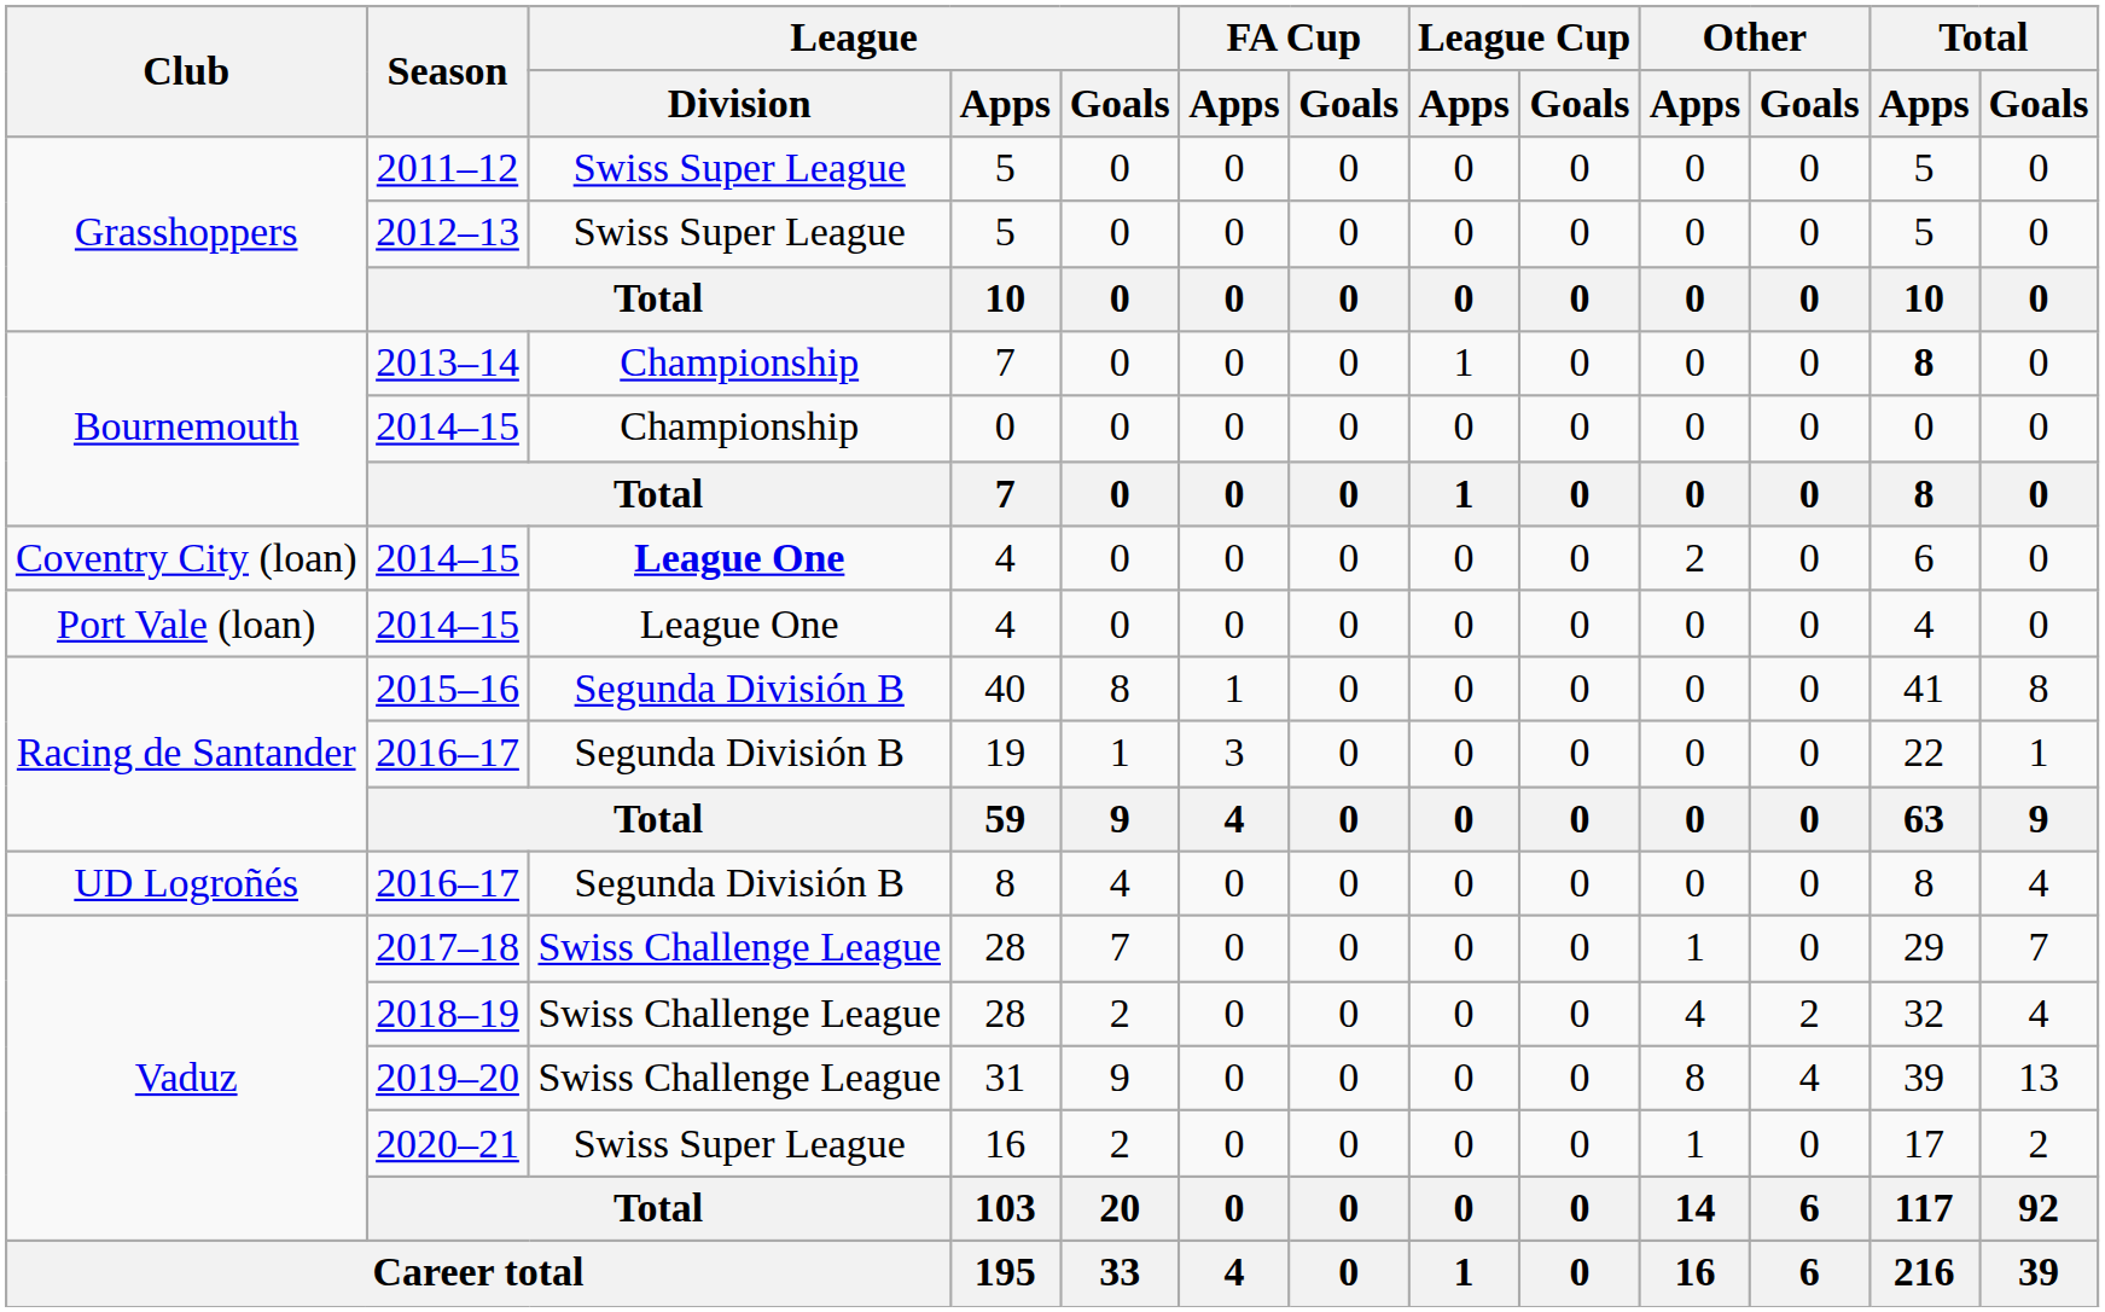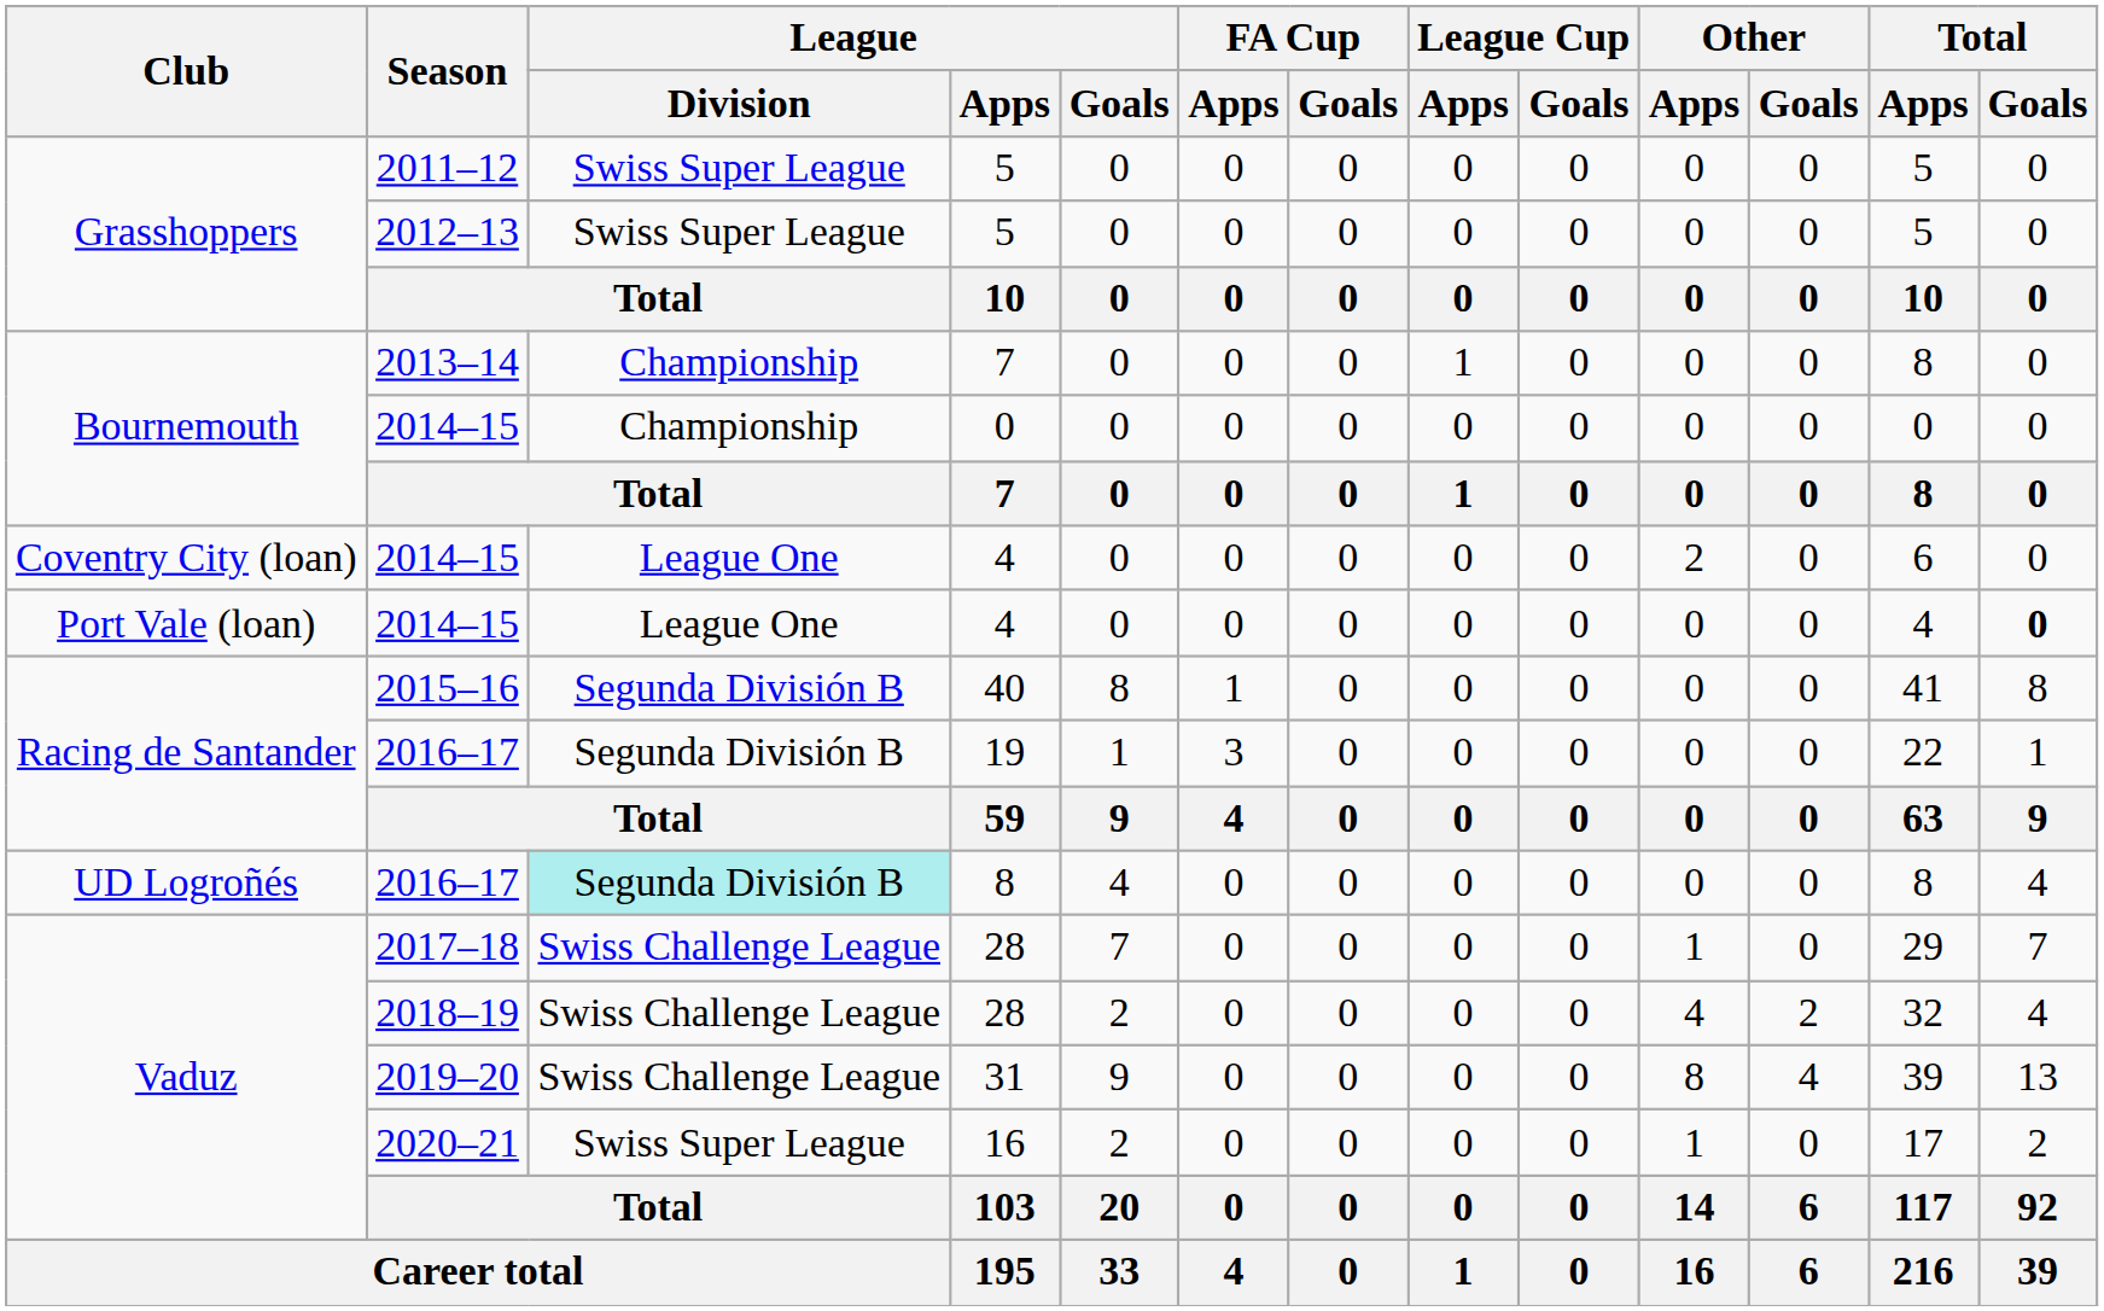 <table class="wikitable" style="text-align:center">
 <tr>
 <th rowspan="2">Club</th>
 <th rowspan="2">Season</th>
 <th colspan="3">League</th>
 <th colspan="2">FA Cup</th>
 <th colspan="2">League Cup</th>
 <th colspan="2">Other</th>
 <th colspan="2">Total</th>
 </tr>
 <tr>
 <th>Division</th>
 <th>Apps</th>
 <th>Goals</th>
 <th>Apps</th>
 <th>Goals</th>
 <th>Apps</th>
 <th>Goals</th>
 <th>Apps</th>
 <th>Goals</th>
 <th>Apps</th>
 <th>Goals</th>
 </tr>
 <tr>
 <td rowspan="3"><a href='#'>Grasshoppers</a></td>
 <td><a href='#'>2011–12</a></td>
 <td><a href='#'>Swiss Super League</a></td>
 <td>5</td>
 <td>0</td>
 <td>0</td>
 <td>0</td>
 <td>0</td>
 <td>0</td>
 <td>0</td>
 <td>0</td>
 <td>5</td>
 <td>0</td>
 </tr>
 <tr>
 <td><a href='#'>2012–13</a></td>
 <td>Swiss Super League</td>
 <td>5</td>
 <td>0</td>
 <td>0</td>
 <td>0</td>
 <td>0</td>
 <td>0</td>
 <td>0</td>
 <td>0</td>
 <td>5</td>
 <td>0</td>
 </tr>
 <tr>
 <th colspan="2">Total</th>
 <th>10</th>
 <th>0</th>
 <th>0</th>
 <th>0</th>
 <th>0</th>
 <th>0</th>
 <th>0</th>
 <th>0</th>
 <th>10</th>
 <th>0</th>
 </tr>
 <tr>
 <td rowspan="3"><a href='#'>Bournemouth</a></td>
 <td><a href='#'>2013–14</a></td>
 <td><a href='#'>Championship</a></td>
 <td>7</td>
 <td>0</td>
 <td>0</td>
 <td>0</td>
 <td>1</td>
 <td>0</td>
 <td>0</td>
 <td>0</td>
-<td><strong>8</strong></td>
+<td>8</td>
 <td>0</td>
 </tr>
 <tr>
 <td><a href='#'>2014–15</a></td>
 <td>Championship</td>
 <td>0</td>
 <td>0</td>
 <td>0</td>
 <td>0</td>
 <td>0</td>
 <td>0</td>
 <td>0</td>
 <td>0</td>
 <td>0</td>
 <td>0</td>
 </tr>
 <tr>
 <th colspan="2">Total</th>
 <th>7</th>
 <th>0</th>
 <th>0</th>
 <th>0</th>
 <th>1</th>
 <th>0</th>
 <th>0</th>
 <th>0</th>
 <th>8</th>
 <th>0</th>
 </tr>
 <tr>
 <td><a href='#'>Coventry City</a> (loan)</td>
 <td><a href='#'>2014–15</a></td>
-<td><strong><a href='#'>League One</a></strong></td>
+<td><a href='#'>League One</a></td>
 <td>4</td>
 <td>0</td>
 <td>0</td>
 <td>0</td>
 <td>0</td>
 <td>0</td>
 <td>2</td>
 <td>0</td>
 <td>6</td>
 <td>0</td>
 </tr>
 <tr>
 <td><a href='#'>Port Vale</a> (loan)</td>
 <td><a href='#'>2014–15</a></td>
 <td>League One</td>
 <td>4</td>
 <td>0</td>
 <td>0</td>
 <td>0</td>
 <td>0</td>
 <td>0</td>
 <td>0</td>
 <td>0</td>
 <td>4</td>
-<td>0</td>
+<td><strong>0</strong></td>
 </tr>
 <tr>
 <td rowspan="3"><a href='#'>Racing de Santander</a></td>
 <td><a href='#'>2015–16</a></td>
 <td><a href='#'>Segunda División B</a></td>
 <td>40</td>
 <td>8</td>
 <td>1</td>
 <td>0</td>
 <td>0</td>
 <td>0</td>
 <td>0</td>
 <td>0</td>
 <td>41</td>
 <td>8</td>
 </tr>
 <tr>
 <td><a href='#'>2016–17</a></td>
 <td>Segunda División B</td>
 <td>19</td>
 <td>1</td>
 <td>3</td>
 <td>0</td>
 <td>0</td>
 <td>0</td>
 <td>0</td>
 <td>0</td>
 <td>22</td>
 <td>1</td>
 </tr>
 <tr>
 <th colspan="2">Total</th>
 <th>59</th>
 <th>9</th>
 <th>4</th>
 <th>0</th>
 <th>0</th>
 <th>0</th>
 <th>0</th>
 <th>0</th>
 <th>63</th>
 <th>9</th>
 </tr>
 <tr>
 <td><a href='#'>UD Logroñés</a></td>
 <td><a href='#'>2016–17</a></td>
-<td>Segunda División B</td>
+<td style="background: paleturquoise;">Segunda División B</td>
 <td>8</td>
 <td>4</td>
 <td>0</td>
 <td>0</td>
 <td>0</td>
 <td>0</td>
 <td>0</td>
 <td>0</td>
 <td>8</td>
 <td>4</td>
 </tr>
 <tr>
 <td rowspan="5"><a href='#'>Vaduz</a></td>
 <td><a href='#'>2017–18</a></td>
 <td><a href='#'>Swiss Challenge League</a></td>
 <td>28</td>
 <td>7</td>
 <td>0</td>
 <td>0</td>
 <td>0</td>
 <td>0</td>
 <td>1</td>
 <td>0</td>
 <td>29</td>
 <td>7</td>
 </tr>
 <tr>
 <td><a href='#'>2018–19</a></td>
 <td>Swiss Challenge League</td>
 <td>28</td>
 <td>2</td>
 <td>0</td>
 <td>0</td>
 <td>0</td>
 <td>0</td>
 <td>4</td>
 <td>2</td>
 <td>32</td>
 <td>4</td>
 </tr>
 <tr>
 <td><a href='#'>2019–20</a></td>
 <td>Swiss Challenge League</td>
 <td>31</td>
 <td>9</td>
 <td>0</td>
 <td>0</td>
 <td>0</td>
 <td>0</td>
 <td>8</td>
 <td>4</td>
 <td>39</td>
 <td>13</td>
 </tr>
 <tr>
 <td><a href='#'>2020–21</a></td>
 <td>Swiss Super League</td>
 <td>16</td>
 <td>2</td>
 <td>0</td>
 <td>0</td>
 <td>0</td>
 <td>0</td>
 <td>1</td>
 <td>0</td>
 <td>17</td>
 <td>2</td>
 </tr>
 <tr>
 <th colspan="2">Total</th>
 <th>103</th>
 <th>20</th>
 <th>0</th>
 <th>0</th>
 <th>0</th>
 <th>0</th>
 <th>14</th>
 <th>6</th>
 <th>117</th>
 <th>92</th>
 </tr>
 <tr>
 <th colspan="3">Career total</th>
 <th>195</th>
 <th>33</th>
 <th>4</th>
 <th>0</th>
 <th>1</th>
 <th>0</th>
 <th>16</th>
 <th>6</th>
 <th>216</th>
 <th>39</th>
 </tr>
 </table>
